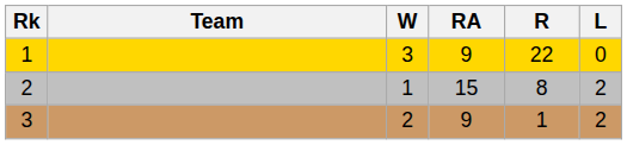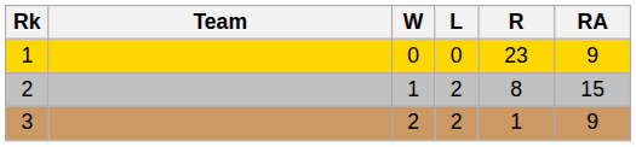 <table class=wikitable style=text-align:center>
 <tr>
 <th width=25>Rk</th>
 <th width=250>Team</th>
 <th width=25>W</th>
+<th width=25>L</th>
+<th width=50>R</th>
 <th width=50>RA</th>
-<th width=50>R</th>
-<th width=25>L</th>
 </tr>
 <tr style="background-color:gold;">
 <td>1</td>
 <td align=left></td>
-<td>3</td>
+<td>0</td>
+<td>0</td>
+<td>23</td>
 <td>9</td>
-<td>22</td>
-<td>0</td>
 </tr>
 <tr style="background-color:silver;">
 <td>2</td>
 <td align=left></td>
 <td>1</td>
+<td>2</td>
+<td>8</td>
 <td>15</td>
-<td>8</td>
-<td>2</td>
 </tr>
 <tr style="background-color:#c96;">
 <td>3</td>
 <td align=left></td>
 <td>2</td>
+<td>2</td>
+<td>1</td>
 <td>9</td>
-<td>1</td>
-<td>2</td>
 </tr>
 </table>
